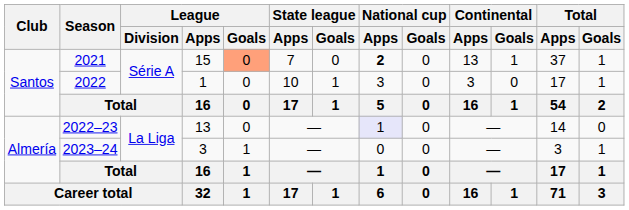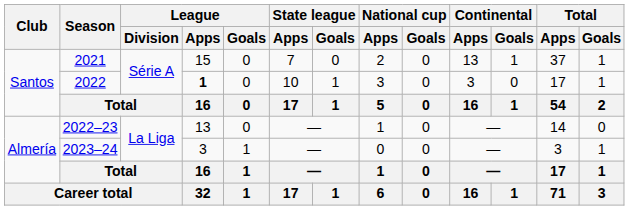 <table class="wikitable" style="text-align: center;">
 <tr>
 <th rowspan="2">Club</th>
 <th rowspan="2">Season</th>
 <th colspan="3">League</th>
 <th colspan="2">State league</th>
 <th colspan="2">National cup</th>
 <th colspan="2">Continental</th>
 <th colspan="2">Total</th>
 </tr>
 <tr>
 <th>Division</th>
 <th>Apps</th>
 <th>Goals</th>
 <th>Apps</th>
 <th>Goals</th>
 <th>Apps</th>
 <th>Goals</th>
 <th>Apps</th>
 <th>Goals</th>
 <th>Apps</th>
 <th>Goals</th>
 </tr>
 <tr>
 <td rowspan="3" valign="center"><a href='#'>Santos</a></td>
 <td><a href='#'>2021</a></td>
 <td rowspan="2"><a href='#'>Série A</a></td>
 <td>15</td>
-<td style="background: lightsalmon;">0</td>
+<td>0</td>
 <td>7</td>
 <td>0</td>
-<td><strong>2</strong></td>
+<td>2</td>
 <td>0</td>
 <td>13</td>
 <td>1</td>
 <td>37</td>
 <td>1</td>
 </tr>
 <tr>
 <td><a href='#'>2022</a></td>
-<td>1</td>
+<td><strong>1</strong></td>
 <td>0</td>
 <td>10</td>
 <td>1</td>
 <td>3</td>
 <td>0</td>
 <td>3</td>
 <td>0</td>
 <td>17</td>
 <td>1</td>
 </tr>
 <tr>
 <th colspan="2">Total</th>
 <th>16</th>
 <th>0</th>
 <th>17</th>
 <th>1</th>
 <th>5</th>
 <th>0</th>
 <th>16</th>
 <th>1</th>
 <th>54</th>
 <th>2</th>
 </tr>
 <tr>
 <td rowspan="3" valign="center"><a href='#'>Almería</a></td>
 <td><a href='#'>2022–23</a></td>
 <td rowspan="2"><a href='#'>La Liga</a></td>
 <td>13</td>
 <td>0</td>
 <td colspan="2">—</td>
-<td style="background: lavender;">1</td>
+<td>1</td>
 <td>0</td>
 <td colspan="2">—</td>
 <td>14</td>
 <td>0</td>
 </tr>
 <tr>
 <td><a href='#'>2023–24</a></td>
 <td>3</td>
 <td>1</td>
 <td colspan="2">—</td>
 <td>0</td>
 <td>0</td>
 <td colspan="2">—</td>
 <td>3</td>
 <td>1</td>
 </tr>
 <tr>
 <th colspan="2">Total</th>
 <th>16</th>
 <th>1</th>
 <th colspan="2">—</th>
 <th>1</th>
 <th>0</th>
 <th colspan="2">—</th>
 <th>17</th>
 <th>1</th>
 </tr>
 <tr>
 <th colspan="3">Career total</th>
 <th>32</th>
 <th>1</th>
 <th>17</th>
 <th>1</th>
 <th>6</th>
 <th>0</th>
 <th>16</th>
 <th>1</th>
 <th>71</th>
 <th>3</th>
 </tr>
 </table>
